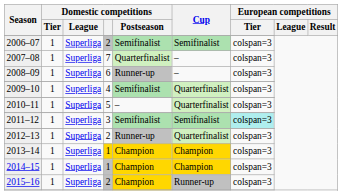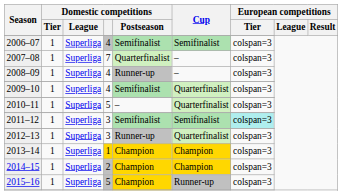 <table class="wikitable" style="font-size:85%">
 <tr bgcolor=>
 <th rowspan=2>Season</th>
 <th colspan=4>Domestic competitions</th>
 <th rowspan=2><a href='#'>Cup</a></th>
 <th colspan=3>European competitions</th>
 </tr>
 <tr>
 <th>Tier</th>
 <th>League</th>
 <th></th>
 <th>Postseason</th>
 <th>Tier</th>
 <th>League</th>
 <th>Result</th>
 </tr>
 <tr>
 </tr>
 <tr>
 <td style="background:#efefef;">2006–07</td>
 <td align="center">1</td>
 <td><a href='#'>Superliga</a></td>
-<td style="background:silver" align="center">2</td>
+<td style="background:silver" align="center">4</td>
 <td style="background:#ACE1AF">Semifinalist</td>
 <td style="background:#ACE1AF">Semifinalist</td>
 <td>colspan=3 </td>
 </tr>
 <tr>
 <td style="background:#efefef;">2007–08</td>
 <td align="center">1</td>
 <td><a href='#'>Superliga</a></td>
 <td style="background: " align="center">7</td>
 <td style="background:#D0F0C0">Quarterfinalist</td>
 <td>–</td>
 <td>colspan=3 </td>
 </tr>
 <tr>
 <td style="background:#efefef;">2008–09</td>
 <td align="center">1</td>
 <td><a href='#'>Superliga</a></td>
-<td style="background: " align="center">6</td>
+<td style="background: " align="center">4</td>
 <td style="background:silver">Runner-up</td>
 <td>–</td>
 <td>colspan=3 </td>
 </tr>
 <tr>
 </tr>
 <tr>
 <td style="background:#efefef;">2009–10</td>
 <td align="center">1</td>
 <td><a href='#'>Superliga</a></td>
 <td align="center">4</td>
 <td style="background:#ACE1AF">Semifinalist</td>
 <td style="background:#D0F0C0">Quarterfinalist</td>
 <td>colspan=3 </td>
 </tr>
 <tr>
 </tr>
 <tr>
 <td style="background:#efefef;">2010–11</td>
 <td align="center">1</td>
 <td><a href='#'>Superliga</a></td>
 <td align="center">5</td>
 <td>–</td>
 <td style="background:#D0F0C0">Quarterfinalist</td>
 <td>colspan=3 </td>
 </tr>
 <tr>
 </tr>
 <tr>
 <td style="background:#efefef;">2011–12</td>
 <td align="center">1</td>
 <td><a href='#'>Superliga</a></td>
 <td align="center">3</td>
 <td style="background:#ACE1AF">Semifinalist</td>
 <td style="background:#ACE1AF">Semifinalist</td>
 <td style="background: paleturquoise;">colspan=3 </td>
 </tr>
 <tr>
 </tr>
 <tr>
 <td style="background:#efefef;">2012–13</td>
 <td align="center">1</td>
 <td><a href='#'>Superliga</a></td>
-<td align="center">2</td>
+<td align="center">3</td>
 <td style="background:silver">Runner-up</td>
 <td style="background:#D0F0C0">Quarterfinalist</td>
 <td>colspan=3 </td>
 </tr>
 <tr>
 <td style="background:#efefef;">2013–14</td>
 <td align="center">1</td>
 <td><a href='#'>Superliga</a></td>
 <td align=center bgcolor=gold>1</td>
 <td bgcolor=gold>Champion</td>
 <td style="background:gold">Champion</td>
 <td>colspan=3 </td>
 </tr>
 <tr>
 <td style="background:#efefef;"><a href='#'>2014–15</a></td>
 <td align="center">1</td>
 <td><a href='#'>Superliga</a></td>
-<td align=center bgcolor=silver>1</td>
+<td align=center bgcolor=silver>2</td>
 <td bgcolor=gold>Champion</td>
 <td style="background:gold">Champion</td>
 <td>colspan=3 </td>
 </tr>
 <tr>
 <td style="background:#efefef;"><a href='#'>2015–16</a></td>
 <td align="center">1</td>
 <td><a href='#'>Superliga</a></td>
-<td align=center bgcolor=silver>2</td>
+<td align=center bgcolor=silver>5</td>
 <td bgcolor=gold>Champion</td>
 <td style="background:silver">Runner-up</td>
 <td>colspan=3 </td>
 </tr>
 <tr>
 </tr>
 </table>
